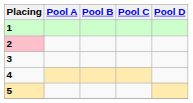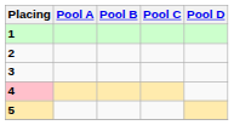 <table class=wikitable style="border:1px solid #AAAAAA;">
 <tr>
 <th>Placing</th>
 <th><a href='#'>Pool A</a></th>
 <th><a href='#'>Pool B</a></th>
 <th><a href='#'>Pool C</a></th>
 <th><a href='#'>Pool D</a></th>
 </tr>
 <tr style="background: #ccffcc;">
 <td><strong>1</strong></td>
 <td></td>
 <td></td>
 <td></td>
 <td></td>
 </tr>
 <tr>
-<td style="background: pink;"><strong>2</strong></td>
+<td><strong>2</strong></td>
 <td></td>
 <td></td>
 <td></td>
 <td></td>
 </tr>
 <tr>
 <td><strong>3</strong></td>
 <td></td>
 <td></td>
 <td></td>
 <td></td>
 </tr>
 <tr>
-<td><strong>4</strong></td>
+<td style="background: pink;"><strong>4</strong></td>
 <td style="background: #ffebad;"></td>
 <td style="background: #ffebad;"></td>
 <td style="background: #ffebad;"></td>
 <td></td>
 </tr>
 <tr>
 <td style="background: #ffebad;"><strong>5</strong></td>
 <td> </td>
 <td> </td>
 <td> </td>
 <td style="background: #ffebad;"></td>
 </tr>
 <tr>
 </tr>
 </table>
